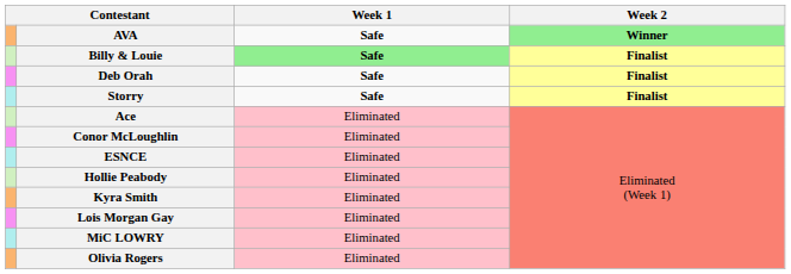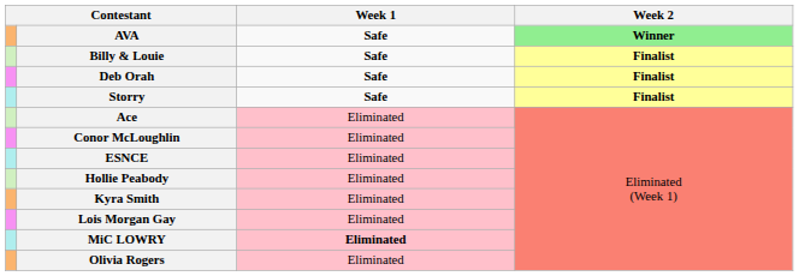 <table class="wikitable" style="text-align:center">
 <tr>
 <th colspan="2" style="width:15%">Contestant</th>
 <th scope="col" style="width:18%">Week 1</th>
 <th scope="col" style="width:18%">Week 2</th>
 </tr>
 <tr>
 <th style="background:#fbb46e"></th>
 <th>AVA</th>
 <td><strong>Safe</strong></td>
 <td style="background:lightgreen"><strong>Winner</strong></td>
 </tr>
 <tr>
 <th style="background:#d0f0c0"></th>
 <th>Billy & Louie</th>
-<td style="background: lightgreen;"><strong>Safe</strong></td>
+<td><strong>Safe</strong></td>
 <td style="background:#ff9"><strong>Finalist</strong></td>
 </tr>
 <tr>
 <th style="background:#f791f3"></th>
 <th>Deb Orah</th>
 <td><strong>Safe</strong></td>
 <td style="background:#ff9"><strong>Finalist</strong></td>
 </tr>
 <tr>
 <th style="background:#afeeee"></th>
 <th>Storry</th>
 <td><strong>Safe</strong></td>
 <td style="background:#ff9"><strong>Finalist</strong></td>
 </tr>
 <tr>
 <th style="background:#d0f0c0"></th>
 <th>Ace</th>
 <td style="background:pink">Eliminated</td>
 <td colspan="2" rowspan="8" style="background:salmon">Eliminated<br>(Week 1)</td>
 </tr>
 <tr>
 <th style="background:#f791f3"></th>
 <th>Conor McLoughlin</th>
 <td style="background:pink">Eliminated</td>
 </tr>
 <tr>
 <th style="background:#afeeee"></th>
 <th>ESNCE</th>
 <td style="background:pink">Eliminated</td>
 </tr>
 <tr>
 <th style="background:#d0f0c0"></th>
 <th>Hollie Peabody</th>
 <td style="background:pink">Eliminated</td>
 </tr>
 <tr>
 <th style="background:#fbb46e"></th>
 <th>Kyra Smith</th>
 <td style="background:pink">Eliminated</td>
 </tr>
 <tr>
 <th style="background:#f791f3"></th>
 <th>Lois Morgan Gay</th>
 <td style="background:pink">Eliminated</td>
 </tr>
 <tr>
 <th style="background:#afeeee"></th>
 <th>MiC LOWRY</th>
-<td style="background:pink">Eliminated</td>
+<td style="background:pink"><strong>Eliminated</strong></td>
 </tr>
 <tr>
 <th style="background:#fbb46e"></th>
 <th>Olivia Rogers</th>
 <td style="background:pink">Eliminated</td>
 </tr>
 </table>
